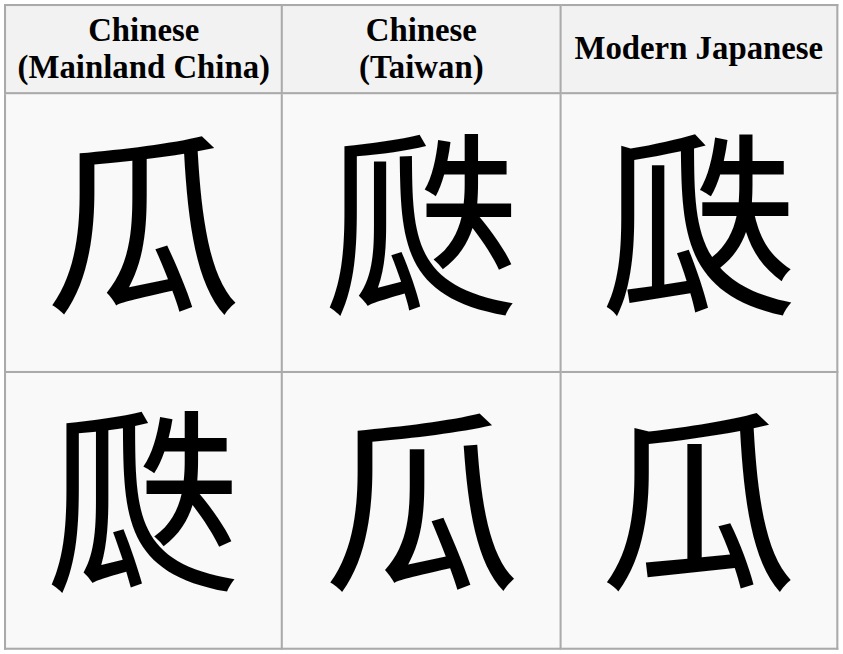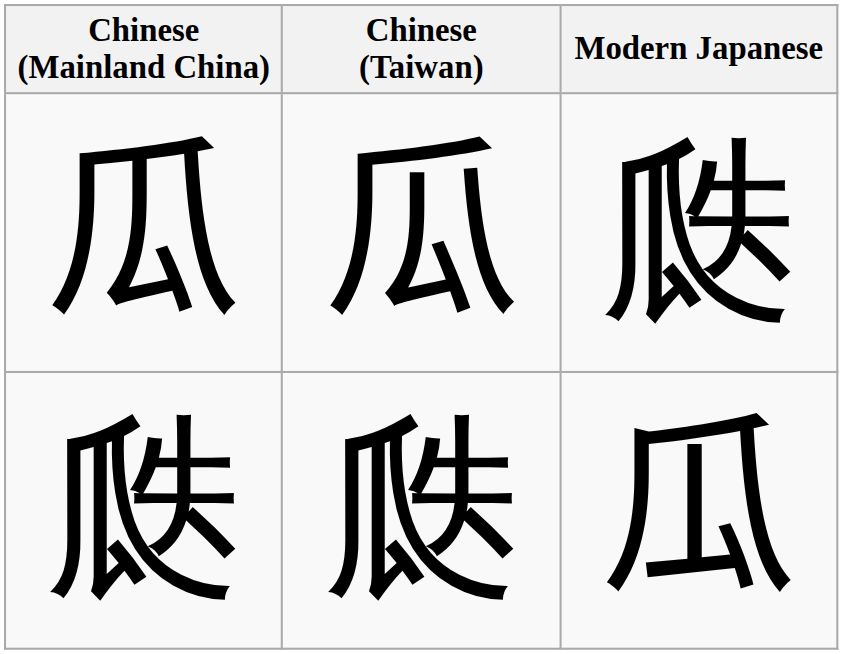 <table class="wikitable" style="text-align: center;">
 <tr>
 <th>Chinese<br>(Mainland China)</th>
 <th>Chinese<br>(Taiwan)</th>
 <th>Modern Japanese</th>
 </tr>
 <tr style="font-size:6em; font-family:serif; line-height:100%;">
 <td lang="zh-cn">瓜</td>
-<td lang="zh-tw">瓞</td>
+<td lang="zh-tw">瓜</td>
 <td lang="ja">瓞</td>
 </tr>
 <tr style="font-size:6em; font-family:serif; line-height:100%;">
 <td lang="zh-cn">瓞</td>
-<td lang="zh-tw">瓜</td>
+<td lang="zh-tw">瓞</td>
 <td lang="ja">瓜</td>
 </tr>
 </table>
